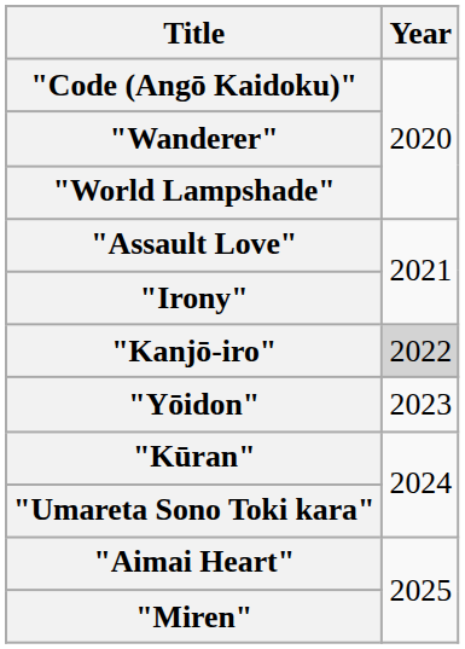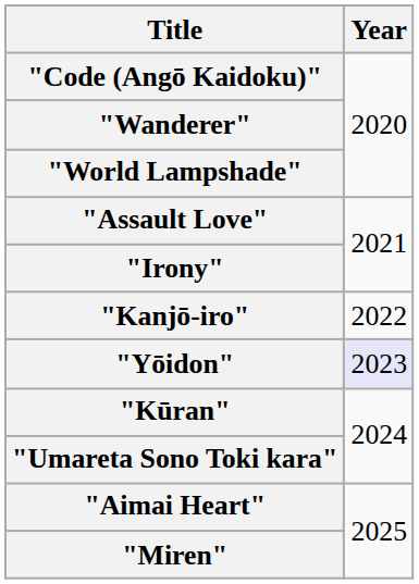 <table class="wikitable plainrowheaders" style="font-size:small; text-align:center">
 <tr>
 <th scope="col">Title</th>
 <th scope="col">Year</th>
 </tr>
 <tr>
 <th scope="row">"Code (Angō Kaidoku)"</th>
 <td rowspan="3">2020</td>
 </tr>
 <tr>
 <th scope="row">"Wanderer"</th>
 </tr>
 <tr>
 <th scope="row">"World Lampshade"</th>
 </tr>
 <tr>
 <th scope="row">"Assault Love"</th>
 <td rowspan="2">2021</td>
 </tr>
 <tr>
 <th scope="row">"Irony"</th>
 </tr>
 <tr>
 <th scope="row">"Kanjō-iro"</th>
-<td style="background: lightgrey;">2022</td>
+<td>2022</td>
 </tr>
 <tr>
 <th scope="row">"Yōidon"</th>
-<td>2023</td>
+<td style="background: lavender;">2023</td>
 </tr>
 <tr>
 <th scope="row">"Kūran"</th>
 <td rowspan="2">2024</td>
 </tr>
 <tr>
 <th scope="row">"Umareta Sono Toki kara"</th>
 </tr>
 <tr>
 <th scope="row">"Aimai Heart"</th>
 <td rowspan="2">2025</td>
 </tr>
 <tr>
 <th scope="row">"Miren"</th>
 </tr>
 </table>
